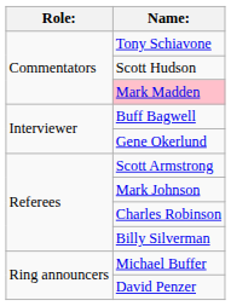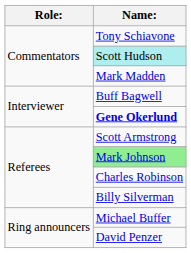 <table class=wikitable style="font-size:90%; margin: 0.5em 0 0.5em 1em; float: right; clear: right;">
 <tr>
 <th>Role:</th>
 <th>Name:</th>
 </tr>
 <tr>
 <td rowspan=3>Commentators</td>
 <td><a href='#'>Tony Schiavone</a></td>
 </tr>
 <tr>
-<td>Scott Hudson</td>
+<td style="background: paleturquoise;">Scott Hudson</td>
 </tr>
 <tr>
-<td style="background: pink;"><a href='#'>Mark Madden</a></td>
+<td><a href='#'>Mark Madden</a></td>
 </tr>
 <tr>
 <td rowspan=2>Interviewer</td>
 <td><a href='#'>Buff Bagwell</a></td>
 </tr>
 <tr>
-<td><a href='#'>Gene Okerlund</a></td>
+<td><strong><a href='#'>Gene Okerlund</a></strong></td>
 </tr>
 <tr>
 <td rowspan=4>Referees</td>
 <td><a href='#'>Scott Armstrong</a></td>
 </tr>
 <tr>
-<td><a href='#'>Mark Johnson</a></td>
+<td style="background: lightgreen;"><a href='#'>Mark Johnson</a></td>
 </tr>
 <tr>
 <td><a href='#'>Charles Robinson</a></td>
 </tr>
 <tr>
 <td><a href='#'>Billy Silverman</a></td>
 </tr>
 <tr>
 <td rowspan=2>Ring announcers</td>
 <td><a href='#'>Michael Buffer</a></td>
 </tr>
 <tr>
 <td><a href='#'>David Penzer</a></td>
 </tr>
 </table>
